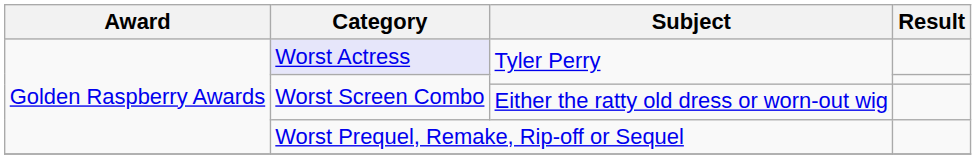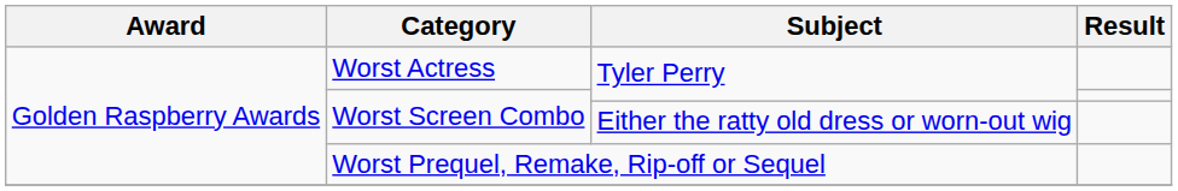 <table class="wikitable">
 <tr>
 <th>Award</th>
 <th>Category</th>
 <th>Subject</th>
 <th>Result</th>
 </tr>
 <tr>
 <td rowspan=4><a href='#'>Golden Raspberry Awards</a></td>
-<td style="background: lavender;"><a href='#'>Worst Actress</a></td>
+<td><a href='#'>Worst Actress</a></td>
 <td rowspan=2><a href='#'>Tyler Perry</a></td>
 <td></td>
 </tr>
 <tr>
 <td rowspan=2><a href='#'>Worst Screen Combo</a></td>
 <td></td>
 </tr>
 <tr>
 <td><a href='#'>Either the ratty old dress or worn-out wig</a></td>
 <td></td>
 </tr>
 <tr>
 <td colspan=2><a href='#'>Worst Prequel, Remake, Rip-off or Sequel</a></td>
 <td></td>
 </tr>
 <tr>
 </tr>
 </table>
